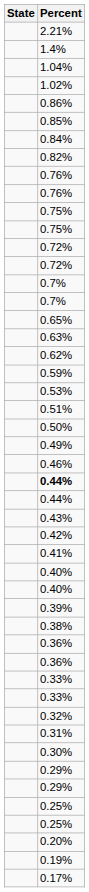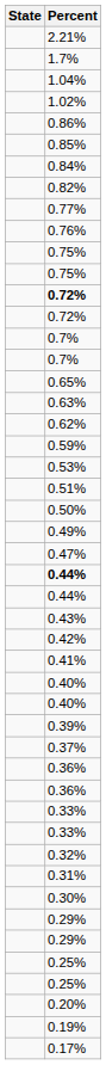 <table class="wikitable sortable">
 <tr>
 <th>State</th>
 <th>Percent</th>
 </tr>
 <tr>
 <td></td>
 <td>2.21%</td>
 </tr>
 <tr>
 <td></td>
-<td>1.4%</td>
+<td>1.7%</td>
 </tr>
 <tr>
 <td></td>
 <td>1.04%</td>
 </tr>
 <tr>
 <td></td>
 <td>1.02%</td>
 </tr>
 <tr>
 <td></td>
 <td>0.86%</td>
 </tr>
 <tr>
 <td></td>
 <td>0.85%</td>
 </tr>
 <tr>
 <td></td>
 <td>0.84%</td>
 </tr>
 <tr>
 <td></td>
 <td>0.82%</td>
 </tr>
 <tr>
 <td></td>
-<td>0.76%</td>
+<td>0.77%</td>
 </tr>
 <tr>
 <td></td>
 <td>0.76%</td>
 </tr>
 <tr>
 <td></td>
 <td>0.75%</td>
 </tr>
 <tr>
 <td></td>
 <td>0.75%</td>
 </tr>
 <tr>
 <td></td>
-<td>0.72%</td>
+<td><strong>0.72%</strong></td>
 </tr>
 <tr>
 <td></td>
 <td>0.72%</td>
 </tr>
 <tr>
 <td></td>
 <td>0.7%</td>
 </tr>
 <tr>
 <td></td>
 <td>0.7%</td>
 </tr>
 <tr>
 <td></td>
 <td>0.65%</td>
 </tr>
 <tr>
 <td></td>
 <td>0.63%</td>
 </tr>
 <tr>
 <td></td>
 <td>0.62%</td>
 </tr>
 <tr>
 <td></td>
 <td>0.59%</td>
 </tr>
 <tr>
 <td></td>
 <td>0.53%</td>
 </tr>
 <tr>
 <td></td>
 <td>0.51%</td>
 </tr>
 <tr>
 <td></td>
 <td>0.50%</td>
 </tr>
 <tr>
 <td></td>
 <td>0.49%</td>
 </tr>
 <tr>
 <td></td>
-<td>0.46%</td>
+<td>0.47%</td>
 </tr>
 <tr>
 <td></td>
 <td><strong>0.44%</strong></td>
 </tr>
 <tr>
 <td></td>
 <td>0.44%</td>
 </tr>
 <tr>
 <td></td>
 <td>0.43%</td>
 </tr>
 <tr>
 <td></td>
 <td>0.42%</td>
 </tr>
 <tr>
 <td></td>
 <td>0.41%</td>
 </tr>
 <tr>
 <td></td>
 <td>0.40%</td>
 </tr>
 <tr>
 <td></td>
 <td>0.40%</td>
 </tr>
 <tr>
 <td></td>
 <td>0.39%</td>
 </tr>
 <tr>
 <td></td>
-<td>0.38%</td>
+<td>0.37%</td>
 </tr>
 <tr>
 <td></td>
 <td>0.36%</td>
 </tr>
 <tr>
 <td></td>
 <td>0.36%</td>
 </tr>
 <tr>
 <td></td>
 <td>0.33%</td>
 </tr>
 <tr>
 <td></td>
 <td>0.33%</td>
 </tr>
 <tr>
 <td></td>
 <td>0.32%</td>
 </tr>
 <tr>
 <td></td>
 <td>0.31%</td>
 </tr>
 <tr>
 <td></td>
 <td>0.30%</td>
 </tr>
 <tr>
 <td></td>
 <td>0.29%</td>
 </tr>
 <tr>
 <td></td>
 <td>0.29%</td>
 </tr>
 <tr>
 <td></td>
 <td>0.25%</td>
 </tr>
 <tr>
 <td></td>
 <td>0.25%</td>
 </tr>
 <tr>
 <td></td>
 <td>0.20%</td>
 </tr>
 <tr>
 <td></td>
 <td>0.19%</td>
 </tr>
 <tr>
 <td></td>
 <td>0.17%</td>
 </tr>
 </table>
